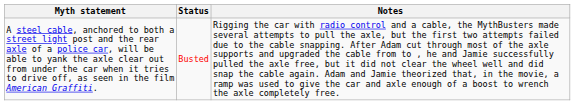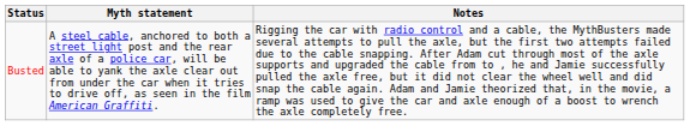 <table class="wikitable plainrowheaders">
 <tr>
+<th>Status</th>
 <th>Myth statement</th>
-<th>Status</th>
 <th>Notes</th>
 </tr>
 <tr>
+<td style="color:red">Busted</td>
 <td>A <a href='#'>steel cable</a>, anchored to both a <a href='#'>street light</a> post and the rear <a href='#'>axle</a> of a <a href='#'>police car</a>, will be able to yank the axle clear out from under the car when it tries to drive off, as seen in the film <em><a href='#'>American Graffiti</a></em>.</td>
-<td style="color:red">Busted</td>
 <td>Rigging the car with <a href='#'>radio control</a> and a cable, the MythBusters made several attempts to pull the axle, but the first two attempts failed due to the cable snapping. After Adam cut through most of the axle supports and upgraded the cable from  to , he and Jamie successfully pulled the axle free, but it did not clear the wheel well and did snap the cable again. Adam and Jamie theorized that, in the movie, a ramp was used to give the car and axle enough of a boost to wrench the axle completely free.</td>
 </tr>
 </table>
